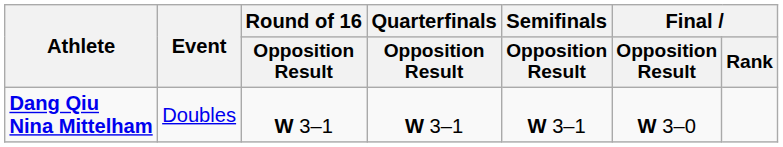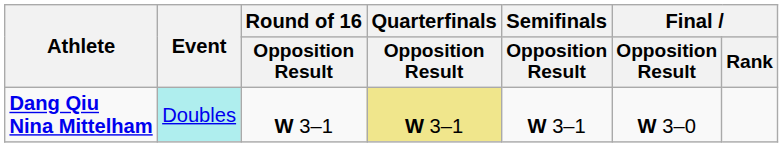 <table class="wikitable" style="font-size:90%">
 <tr>
 <th rowspan=2>Athlete</th>
 <th rowspan=2>Event</th>
 <th>Round of 16</th>
 <th>Quarterfinals</th>
 <th>Semifinals</th>
 <th colspan=2>Final / </th>
 </tr>
 <tr style="font-size:95%">
 <th>Opposition<br>Result</th>
 <th>Opposition<br>Result</th>
 <th>Opposition<br>Result</th>
 <th>Opposition<br>Result</th>
 <th>Rank</th>
 </tr>
 <tr align=center>
 <td align=left><strong><a href='#'>Dang Qiu</a><br><a href='#'>Nina Mittelham</a></strong></td>
-<td align=left><a href='#'>Doubles</a></td>
+<td align=left style="background: paleturquoise;"><a href='#'>Doubles</a></td>
 <td><br><strong>W</strong> 3–1</td>
-<td><br><strong>W</strong> 3–1</td>
+<td style="background: khaki;"><br><strong>W</strong> 3–1</td>
 <td><br><strong>W</strong> 3–1</td>
 <td><br><strong>W</strong> 3–0</td>
 <td></td>
 </tr>
 </table>
